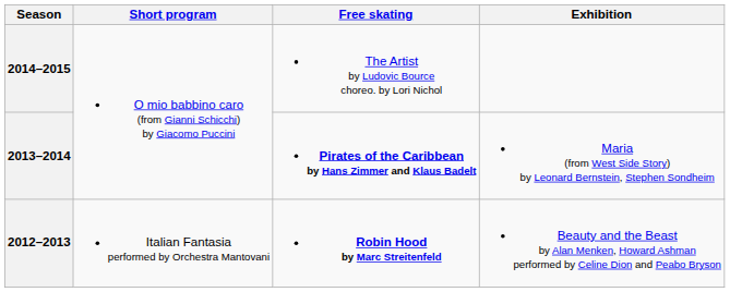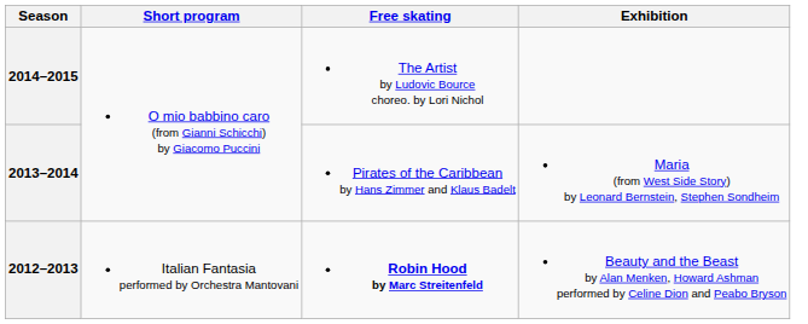 <table class=wikitable style=text-align:center>
 <tr>
 <th>Season</th>
 <th><a href='#'>Short program</a></th>
 <th><a href='#'>Free skating</a></th>
 <th>Exhibition</th>
 </tr>
 <tr>
 <th>2014–2015 <br> </th>
 <td rowspan="2"><br><ul><li><a href='#'>O mio babbino caro</a> <br><small> (from <a href='#'>Gianni Schicchi</a>) <br> by <a href='#'>Giacomo Puccini</a> </small></li></ul></td>
 <td><br><ul><li><a href='#'>The Artist</a> <br><small> by <a href='#'>Ludovic Bource</a> <br> choreo. by Lori Nichol </small></li></ul></td>
 <td></td>
 </tr>
 <tr>
 <th>2013–2014 <br> </th>
-<td><strong><br><ul><li><a href='#'>Pirates of the Caribbean</a> <br><small> by <a href='#'>Hans Zimmer</a> and <a href='#'>Klaus Badelt</a> </small></li></ul></strong></td>
+<td><br><ul><li><a href='#'>Pirates of the Caribbean</a> <br><small> by <a href='#'>Hans Zimmer</a> and <a href='#'>Klaus Badelt</a> </small></li></ul></td>
 <td><br><ul><li><a href='#'>Maria</a> <br><small> (from <a href='#'>West Side Story</a>) <br> by <a href='#'>Leonard Bernstein</a>, <a href='#'>Stephen Sondheim</a> </small></li></ul></td>
 </tr>
 <tr>
 <th>2012–2013 <br> </th>
 <td><br><ul><li>Italian Fantasia <br><small> performed by Orchestra Mantovani </small></li></ul></td>
 <td><strong><br><ul><li><a href='#'>Robin Hood</a> <br><small> by <a href='#'>Marc Streitenfeld</a> </small></li></ul></strong></td>
 <td><br><ul><li><a href='#'>Beauty and the Beast</a> <br><small> by <a href='#'>Alan Menken</a>, <a href='#'>Howard Ashman</a> <br> performed by <a href='#'>Celine Dion</a> and <a href='#'>Peabo Bryson</a> </small></li></ul></td>
 </tr>
 </table>
